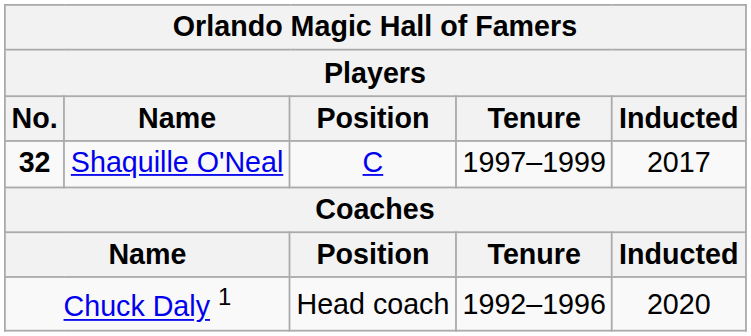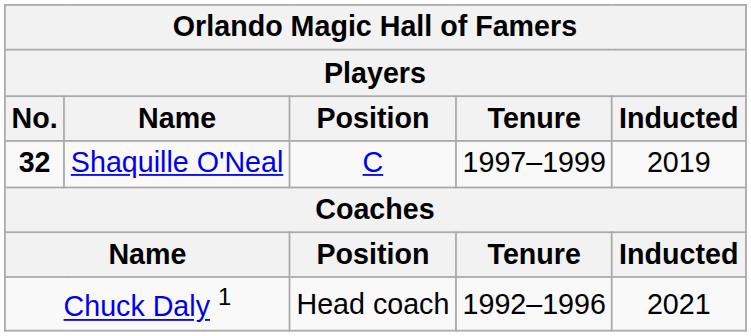 <table class="wikitable" style="text-align:center">
 <tr>
 <th colspan="5">Orlando Magic Hall of Famers</th>
 </tr>
 <tr>
 <th colspan="5" style="text-align:center; ">Players</th>
 </tr>
 <tr>
 <th>No.</th>
 <th>Name</th>
 <th>Position</th>
 <th>Tenure</th>
 <th>Inducted</th>
 </tr>
 <tr>
 <td><strong>32</strong></td>
 <td><a href='#'>Shaquille O'Neal</a></td>
 <td><a href='#'>C</a></td>
 <td>1997–1999</td>
-<td>2017</td>
+<td>2019</td>
 </tr>
 <tr>
 <th colspan="5" style="text-align:center; ">Coaches</th>
 </tr>
 <tr>
 <th colspan="2">Name</th>
 <th>Position</th>
 <th>Tenure</th>
 <th>Inducted</th>
 </tr>
 <tr>
 <td colspan="2"><a href='#'>Chuck Daly</a> <sup>1</sup></td>
 <td>Head coach</td>
 <td>1992–1996</td>
-<td>2020</td>
+<td>2021</td>
 </tr>
 </table>
